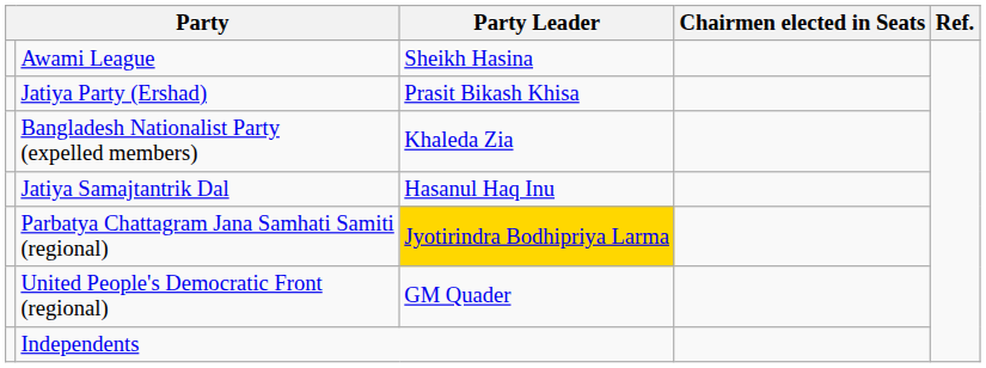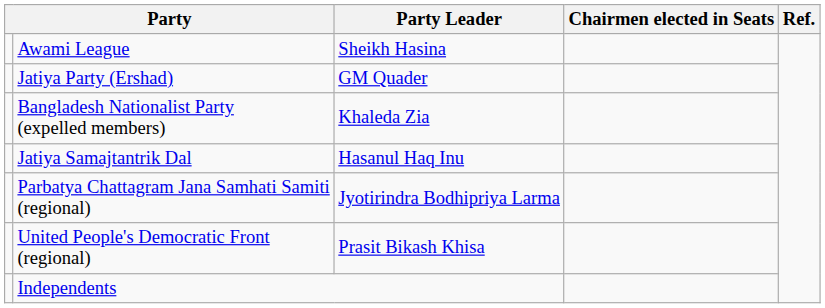 <table class="wikitable">
 <tr>
 <th colspan="2">Party</th>
 <th>Party Leader</th>
 <th>Chairmen elected in Seats</th>
 <th>Ref.</th>
 </tr>
 <tr>
 <td></td>
 <td><a href='#'>Awami League</a></td>
 <td><a href='#'>Sheikh Hasina</a></td>
 <td></td>
 <td rowspan="7"></td>
 </tr>
 <tr>
 <td></td>
 <td><a href='#'>Jatiya Party (Ershad)</a></td>
-<td><a href='#'>Prasit Bikash Khisa</a></td>
+<td><a href='#'>GM Quader</a></td>
 <td></td>
 </tr>
 <tr>
 <td></td>
 <td><a href='#'>Bangladesh Nationalist Party</a><br>(expelled members)</td>
 <td><a href='#'>Khaleda Zia</a></td>
 <td></td>
 </tr>
 <tr>
 <td></td>
 <td><a href='#'>Jatiya Samajtantrik Dal</a></td>
 <td><a href='#'>Hasanul Haq Inu</a></td>
 <td></td>
 </tr>
 <tr>
 <td></td>
 <td><a href='#'>Parbatya Chattagram Jana Samhati Samiti</a><br>(regional)</td>
-<td style="background: gold;"><a href='#'>Jyotirindra Bodhipriya Larma</a></td>
+<td><a href='#'>Jyotirindra Bodhipriya Larma</a></td>
 <td></td>
 </tr>
 <tr>
 <td></td>
 <td><a href='#'>United People's Democratic Front</a><br>(regional)</td>
-<td><a href='#'>GM Quader</a></td>
+<td><a href='#'>Prasit Bikash Khisa</a></td>
 <td></td>
 </tr>
 <tr>
 <td></td>
 <td colspan="2"><a href='#'>Independents</a></td>
 <td></td>
 </tr>
 </table>
